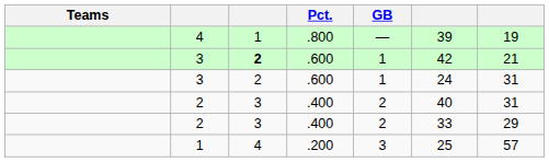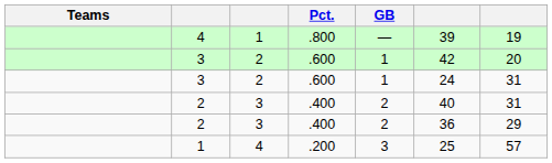 <table class="wikitable" width="50%" style="text-align:center;">
 <tr>
 <th width="20%">Teams</th>
 <th width="7%"></th>
 <th width="7%"></th>
 <th width="8%"><a href='#'>Pct.</a></th>
 <th width="7%"><a href='#'>GB</a></th>
 <th width="8%"></th>
 <th width="8%"></th>
 </tr>
 <tr bgcolor="ccffcc">
 <td align=left></td>
 <td>4</td>
 <td>1</td>
 <td>.800</td>
 <td>—</td>
 <td>39</td>
 <td>19</td>
 </tr>
 <tr bgcolor="ccffcc">
 <td align=left></td>
 <td>3</td>
-<td><strong>2</strong></td>
+<td>2</td>
 <td>.600</td>
 <td>1</td>
 <td>42</td>
-<td>21</td>
+<td>20</td>
 </tr>
 <tr>
 <td align=left></td>
 <td>3</td>
 <td>2</td>
 <td>.600</td>
 <td>1</td>
 <td>24</td>
 <td>31</td>
 </tr>
 <tr>
 <td align=left></td>
 <td>2</td>
 <td>3</td>
 <td>.400</td>
 <td>2</td>
 <td>40</td>
 <td>31</td>
 </tr>
 <tr>
 <td align=left></td>
 <td>2</td>
 <td>3</td>
 <td>.400</td>
 <td>2</td>
-<td>33</td>
+<td>36</td>
 <td>29</td>
 </tr>
 <tr>
 <td align=left></td>
 <td>1</td>
 <td>4</td>
 <td>.200</td>
 <td>3</td>
 <td>25</td>
 <td>57</td>
 </tr>
 </table>
